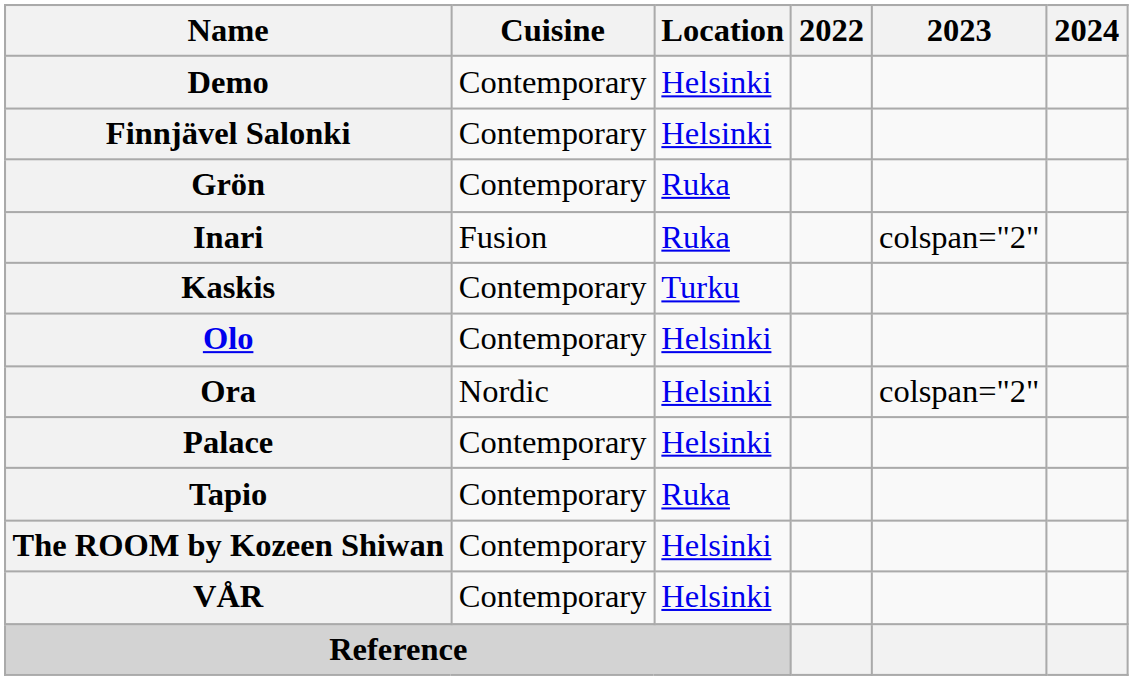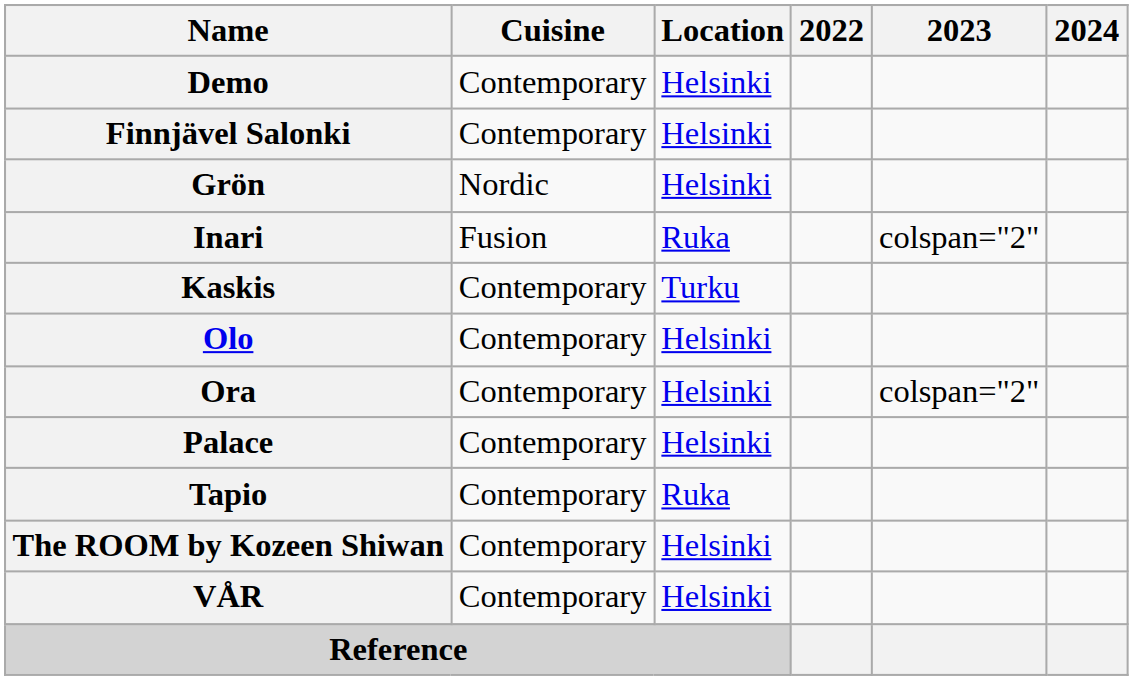 <table class="wikitable sortable plainrowheaders" style="text-align:left;"">
 <tr>
 <th scope="col">Name</th>
 <th scope="col">Cuisine</th>
 <th scope="col">Location</th>
 <th scope="col">2022</th>
 <th scope="col">2023</th>
 <th scope="col">2024</th>
 </tr>
 <tr>
 <th scope="row">Demo</th>
 <td>Contemporary</td>
 <td><a href='#'>Helsinki</a></td>
 <td></td>
 <td></td>
 <td></td>
 </tr>
 <tr>
 <th scope="row">Finnjävel Salonki</th>
 <td>Contemporary</td>
 <td><a href='#'>Helsinki</a></td>
 <td></td>
 <td></td>
 <td></td>
 </tr>
 <tr>
 <th scope="row">Grön</th>
-<td>Contemporary</td>
-<td><a href='#'>Ruka</a></td>
+<td>Nordic</td>
+<td><a href='#'>Helsinki</a></td>
 <td></td>
 <td></td>
 <td></td>
 </tr>
 <tr>
 <th scope="row">Inari</th>
 <td>Fusion</td>
 <td><a href='#'>Ruka</a></td>
 <td></td>
 <td>colspan="2" </td>
 </tr>
 <tr>
 <th scope="row">Kaskis</th>
 <td>Contemporary</td>
 <td><a href='#'>Turku</a></td>
 <td></td>
 <td></td>
 <td></td>
 </tr>
 <tr>
 <th scope="row"><a href='#'>Olo</a></th>
 <td>Contemporary</td>
 <td><a href='#'>Helsinki</a></td>
 <td></td>
 <td></td>
 <td></td>
 </tr>
 <tr>
 <th scope="row">Ora</th>
-<td>Nordic</td>
+<td>Contemporary</td>
 <td><a href='#'>Helsinki</a></td>
 <td></td>
 <td>colspan="2" </td>
 </tr>
 <tr>
 <th scope="row">Palace</th>
 <td>Contemporary</td>
 <td><a href='#'>Helsinki</a></td>
 <td></td>
 <td></td>
 <td></td>
 </tr>
 <tr>
 <th scope="row">Tapio</th>
 <td>Contemporary</td>
 <td><a href='#'>Ruka</a></td>
 <td></td>
 <td></td>
 <td></td>
 </tr>
 <tr>
 <th scope="row">The ROOM by Kozeen Shiwan</th>
 <td>Contemporary</td>
 <td><a href='#'>Helsinki</a></td>
 <td></td>
 <td></td>
 <td></td>
 </tr>
 <tr>
 <th scope="row">VÅR</th>
 <td>Contemporary</td>
 <td><a href='#'>Helsinki</a></td>
 <td></td>
 <td></td>
 <td></td>
 </tr>
 <tr>
 <th colspan="3" style="text-align: center;background: lightgray;">Reference</th>
 <th></th>
 <th></th>
 <th></th>
 </tr>
 </table>
